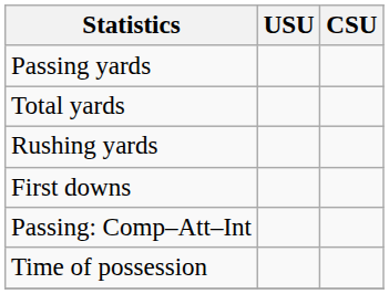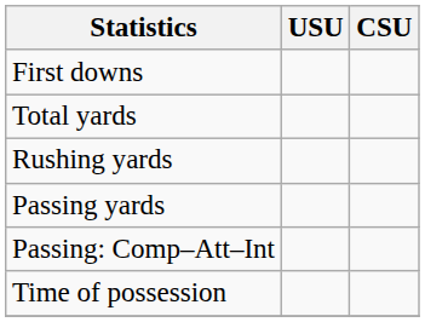 <table class="wikitable" style="float: left;">
 <tr>
 <th>Statistics</th>
 <th>USU</th>
 <th>CSU</th>
 </tr>
 <tr>
-<td>Passing yards</td>
+<td>First downs</td>
 <td></td>
 <td></td>
 </tr>
 <tr>
 <td>Total yards</td>
 <td></td>
 <td></td>
 </tr>
 <tr>
 <td>Rushing yards</td>
 <td></td>
 <td></td>
 </tr>
 <tr>
-<td>First downs</td>
+<td>Passing yards</td>
 <td></td>
 <td></td>
 </tr>
 <tr>
 <td>Passing: Comp–Att–Int</td>
 <td></td>
 <td></td>
 </tr>
 <tr>
 <td>Time of possession</td>
 <td></td>
 <td></td>
 </tr>
 <tr>
 </tr>
 </table>
